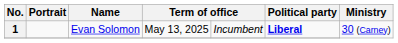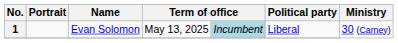 <table class="wikitable">
 <tr>
 <th>No.</th>
 <th>Portrait</th>
 <th>Name</th>
 <th colspan=2>Term of office</th>
 <th>Political party</th>
 <th>Ministry</th>
 </tr>
 <tr>
 <th style="background:">1</th>
 <td></td>
 <td><a href='#'>Evan Solomon</a></td>
 <td>May 13, 2025</td>
-<td><em>Incumbent</em></td>
-<td><strong><a href='#'>Liberal</a></strong></td>
+<td style="background: lightblue;"><em>Incumbent</em></td>
+<td><a href='#'>Liberal</a></td>
 <td rowspan=2><a href='#'>30</a> <small>(<a href='#'>Carney</a>)</small></td>
 </tr>
 <tr>
 </tr>
 </table>
